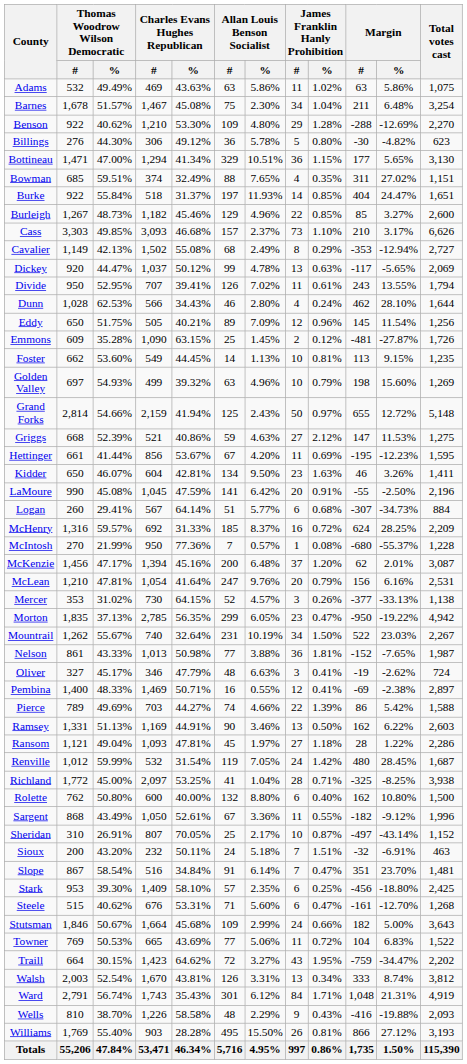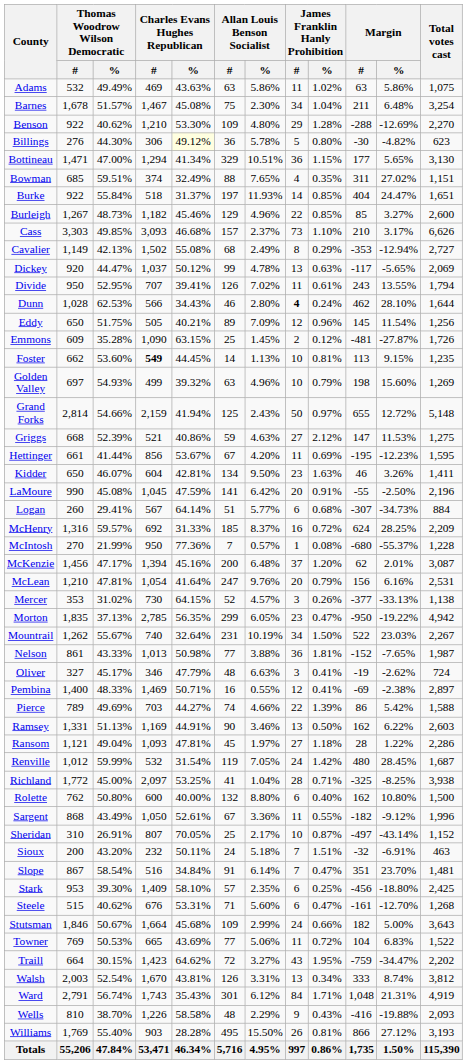 <table width="70%" class="wikitable sortable">
 <tr>
 <th rowspan="2">County</th>
 <th colspan="2">Thomas Woodrow Wilson<br>Democratic</th>
 <th colspan="2">Charles Evans Hughes<br>Republican</th>
 <th colspan="2">Allan Louis Benson<br>Socialist</th>
 <th colspan="2">James Franklin Hanly<br>Prohibition</th>
 <th colspan="2">Margin</th>
 <th rowspan="2">Total votes cast</th>
 </tr>
 <tr bgcolor="lightgrey">
 <th data-sort-type="number">#</th>
 <th data-sort-type="number">%</th>
 <th data-sort-type="number">#</th>
 <th data-sort-type="number">%</th>
 <th data-sort-type="number">#</th>
 <th data-sort-type="number">%</th>
 <th data-sort-type="number">#</th>
 <th data-sort-type="number">%</th>
 <th data-sort-type="number">#</th>
 <th data-sort-type="number">%</th>
 </tr>
 <tr style="text-align:center;">
 <td><a href='#'>Adams</a></td>
 <td>532</td>
 <td>49.49%</td>
 <td>469</td>
 <td>43.63%</td>
 <td>63</td>
 <td>5.86%</td>
 <td>11</td>
 <td>1.02%</td>
 <td>63</td>
 <td>5.86%</td>
 <td>1,075</td>
 </tr>
 <tr style="text-align:center;">
 <td><a href='#'>Barnes</a></td>
 <td>1,678</td>
 <td>51.57%</td>
 <td>1,467</td>
 <td>45.08%</td>
 <td>75</td>
 <td>2.30%</td>
 <td>34</td>
 <td>1.04%</td>
 <td>211</td>
 <td>6.48%</td>
 <td>3,254</td>
 </tr>
 <tr style="text-align:center;">
 <td><a href='#'>Benson</a></td>
 <td>922</td>
 <td>40.62%</td>
 <td>1,210</td>
 <td>53.30%</td>
 <td>109</td>
 <td>4.80%</td>
 <td>29</td>
 <td>1.28%</td>
 <td>-288</td>
 <td>-12.69%</td>
 <td>2,270</td>
 </tr>
 <tr style="text-align:center;">
 <td><a href='#'>Billings</a></td>
 <td>276</td>
 <td>44.30%</td>
 <td>306</td>
-<td>49.12%</td>
+<td style="background: lightyellow;">49.12%</td>
 <td>36</td>
 <td>5.78%</td>
 <td>5</td>
 <td>0.80%</td>
 <td>-30</td>
 <td>-4.82%</td>
 <td>623</td>
 </tr>
 <tr style="text-align:center;">
 <td><a href='#'>Bottineau</a></td>
 <td>1,471</td>
 <td>47.00%</td>
 <td>1,294</td>
 <td>41.34%</td>
 <td>329</td>
 <td>10.51%</td>
 <td>36</td>
 <td>1.15%</td>
 <td>177</td>
 <td>5.65%</td>
 <td>3,130</td>
 </tr>
 <tr style="text-align:center;">
 <td><a href='#'>Bowman</a></td>
 <td>685</td>
 <td>59.51%</td>
 <td>374</td>
 <td>32.49%</td>
 <td>88</td>
 <td>7.65%</td>
 <td>4</td>
 <td>0.35%</td>
 <td>311</td>
 <td>27.02%</td>
 <td>1,151</td>
 </tr>
 <tr style="text-align:center;">
 <td><a href='#'>Burke</a></td>
 <td>922</td>
 <td>55.84%</td>
 <td>518</td>
 <td>31.37%</td>
 <td>197</td>
 <td>11.93%</td>
 <td>14</td>
 <td>0.85%</td>
 <td>404</td>
 <td>24.47%</td>
 <td>1,651</td>
 </tr>
 <tr style="text-align:center;">
 <td><a href='#'>Burleigh</a></td>
 <td>1,267</td>
 <td>48.73%</td>
 <td>1,182</td>
 <td>45.46%</td>
 <td>129</td>
 <td>4.96%</td>
 <td>22</td>
 <td>0.85%</td>
 <td>85</td>
 <td>3.27%</td>
 <td>2,600</td>
 </tr>
 <tr style="text-align:center;">
 <td><a href='#'>Cass</a></td>
 <td>3,303</td>
 <td>49.85%</td>
 <td>3,093</td>
 <td>46.68%</td>
 <td>157</td>
 <td>2.37%</td>
 <td>73</td>
 <td>1.10%</td>
 <td>210</td>
 <td>3.17%</td>
 <td>6,626</td>
 </tr>
 <tr style="text-align:center;">
 <td><a href='#'>Cavalier</a></td>
 <td>1,149</td>
 <td>42.13%</td>
 <td>1,502</td>
 <td>55.08%</td>
 <td>68</td>
 <td>2.49%</td>
 <td>8</td>
 <td>0.29%</td>
 <td>-353</td>
 <td>-12.94%</td>
 <td>2,727</td>
 </tr>
 <tr style="text-align:center;">
 <td><a href='#'>Dickey</a></td>
 <td>920</td>
 <td>44.47%</td>
 <td>1,037</td>
 <td>50.12%</td>
 <td>99</td>
 <td>4.78%</td>
 <td>13</td>
 <td>0.63%</td>
 <td>-117</td>
 <td>-5.65%</td>
 <td>2,069</td>
 </tr>
 <tr style="text-align:center;">
 <td><a href='#'>Divide</a></td>
 <td>950</td>
 <td>52.95%</td>
 <td>707</td>
 <td>39.41%</td>
 <td>126</td>
 <td>7.02%</td>
 <td>11</td>
 <td>0.61%</td>
 <td>243</td>
 <td>13.55%</td>
 <td>1,794</td>
 </tr>
 <tr style="text-align:center;">
 <td><a href='#'>Dunn</a></td>
 <td>1,028</td>
 <td>62.53%</td>
 <td>566</td>
 <td>34.43%</td>
 <td>46</td>
 <td>2.80%</td>
-<td>4</td>
+<td><strong>4</strong></td>
 <td>0.24%</td>
 <td>462</td>
 <td>28.10%</td>
 <td>1,644</td>
 </tr>
 <tr style="text-align:center;">
 <td><a href='#'>Eddy</a></td>
 <td>650</td>
 <td>51.75%</td>
 <td>505</td>
 <td>40.21%</td>
 <td>89</td>
 <td>7.09%</td>
 <td>12</td>
 <td>0.96%</td>
 <td>145</td>
 <td>11.54%</td>
 <td>1,256</td>
 </tr>
 <tr style="text-align:center;">
 <td><a href='#'>Emmons</a></td>
 <td>609</td>
 <td>35.28%</td>
 <td>1,090</td>
 <td>63.15%</td>
 <td>25</td>
 <td>1.45%</td>
 <td>2</td>
 <td>0.12%</td>
 <td>-481</td>
 <td>-27.87%</td>
 <td>1,726</td>
 </tr>
 <tr style="text-align:center;">
 <td><a href='#'>Foster</a></td>
 <td>662</td>
 <td>53.60%</td>
-<td>549</td>
+<td><strong>549</strong></td>
 <td>44.45%</td>
 <td>14</td>
 <td>1.13%</td>
 <td>10</td>
 <td>0.81%</td>
 <td>113</td>
 <td>9.15%</td>
 <td>1,235</td>
 </tr>
 <tr style="text-align:center;">
 <td><a href='#'>Golden Valley</a></td>
 <td>697</td>
 <td>54.93%</td>
 <td>499</td>
 <td>39.32%</td>
 <td>63</td>
 <td>4.96%</td>
 <td>10</td>
 <td>0.79%</td>
 <td>198</td>
 <td>15.60%</td>
 <td>1,269</td>
 </tr>
 <tr style="text-align:center;">
 <td><a href='#'>Grand Forks</a></td>
 <td>2,814</td>
 <td>54.66%</td>
 <td>2,159</td>
 <td>41.94%</td>
 <td>125</td>
 <td>2.43%</td>
 <td>50</td>
 <td>0.97%</td>
 <td>655</td>
 <td>12.72%</td>
 <td>5,148</td>
 </tr>
 <tr style="text-align:center;">
 <td><a href='#'>Griggs</a></td>
 <td>668</td>
 <td>52.39%</td>
 <td>521</td>
 <td>40.86%</td>
 <td>59</td>
 <td>4.63%</td>
 <td>27</td>
 <td>2.12%</td>
 <td>147</td>
 <td>11.53%</td>
 <td>1,275</td>
 </tr>
 <tr style="text-align:center;">
 <td><a href='#'>Hettinger</a></td>
 <td>661</td>
 <td>41.44%</td>
 <td>856</td>
 <td>53.67%</td>
 <td>67</td>
 <td>4.20%</td>
 <td>11</td>
 <td>0.69%</td>
 <td>-195</td>
 <td>-12.23%</td>
 <td>1,595</td>
 </tr>
 <tr style="text-align:center;">
 <td><a href='#'>Kidder</a></td>
 <td>650</td>
 <td>46.07%</td>
 <td>604</td>
 <td>42.81%</td>
 <td>134</td>
 <td>9.50%</td>
 <td>23</td>
 <td>1.63%</td>
 <td>46</td>
 <td>3.26%</td>
 <td>1,411</td>
 </tr>
 <tr style="text-align:center;">
 <td><a href='#'>LaMoure</a></td>
 <td>990</td>
 <td>45.08%</td>
 <td>1,045</td>
 <td>47.59%</td>
 <td>141</td>
 <td>6.42%</td>
 <td>20</td>
 <td>0.91%</td>
 <td>-55</td>
 <td>-2.50%</td>
 <td>2,196</td>
 </tr>
 <tr style="text-align:center;">
 <td><a href='#'>Logan</a></td>
 <td>260</td>
 <td>29.41%</td>
 <td>567</td>
 <td>64.14%</td>
 <td>51</td>
 <td>5.77%</td>
 <td>6</td>
 <td>0.68%</td>
 <td>-307</td>
 <td>-34.73%</td>
 <td>884</td>
 </tr>
 <tr style="text-align:center;">
 <td><a href='#'>McHenry</a></td>
 <td>1,316</td>
 <td>59.57%</td>
 <td>692</td>
 <td>31.33%</td>
 <td>185</td>
 <td>8.37%</td>
 <td>16</td>
 <td>0.72%</td>
 <td>624</td>
 <td>28.25%</td>
 <td>2,209</td>
 </tr>
 <tr style="text-align:center;">
 <td><a href='#'>McIntosh</a></td>
 <td>270</td>
 <td>21.99%</td>
 <td>950</td>
 <td>77.36%</td>
 <td>7</td>
 <td>0.57%</td>
 <td>1</td>
 <td>0.08%</td>
 <td>-680</td>
 <td>-55.37%</td>
 <td>1,228</td>
 </tr>
 <tr style="text-align:center;">
 <td><a href='#'>McKenzie</a></td>
 <td>1,456</td>
 <td>47.17%</td>
 <td>1,394</td>
 <td>45.16%</td>
 <td>200</td>
 <td>6.48%</td>
 <td>37</td>
 <td>1.20%</td>
 <td>62</td>
 <td>2.01%</td>
 <td>3,087</td>
 </tr>
 <tr style="text-align:center;">
 <td><a href='#'>McLean</a></td>
 <td>1,210</td>
 <td>47.81%</td>
 <td>1,054</td>
 <td>41.64%</td>
 <td>247</td>
 <td>9.76%</td>
 <td>20</td>
 <td>0.79%</td>
 <td>156</td>
 <td>6.16%</td>
 <td>2,531</td>
 </tr>
 <tr style="text-align:center;">
 <td><a href='#'>Mercer</a></td>
 <td>353</td>
 <td>31.02%</td>
 <td>730</td>
 <td>64.15%</td>
 <td>52</td>
 <td>4.57%</td>
 <td>3</td>
 <td>0.26%</td>
 <td>-377</td>
 <td>-33.13%</td>
 <td>1,138</td>
 </tr>
 <tr style="text-align:center;">
 <td><a href='#'>Morton</a></td>
 <td>1,835</td>
 <td>37.13%</td>
 <td>2,785</td>
 <td>56.35%</td>
 <td>299</td>
 <td>6.05%</td>
 <td>23</td>
 <td>0.47%</td>
 <td>-950</td>
 <td>-19.22%</td>
 <td>4,942</td>
 </tr>
 <tr style="text-align:center;">
 <td><a href='#'>Mountrail</a></td>
 <td>1,262</td>
 <td>55.67%</td>
 <td>740</td>
 <td>32.64%</td>
 <td>231</td>
 <td>10.19%</td>
 <td>34</td>
 <td>1.50%</td>
 <td>522</td>
 <td>23.03%</td>
 <td>2,267</td>
 </tr>
 <tr style="text-align:center;">
 <td><a href='#'>Nelson</a></td>
 <td>861</td>
 <td>43.33%</td>
 <td>1,013</td>
 <td>50.98%</td>
 <td>77</td>
 <td>3.88%</td>
 <td>36</td>
 <td>1.81%</td>
 <td>-152</td>
 <td>-7.65%</td>
 <td>1,987</td>
 </tr>
 <tr style="text-align:center;">
 <td><a href='#'>Oliver</a></td>
 <td>327</td>
 <td>45.17%</td>
 <td>346</td>
 <td>47.79%</td>
 <td>48</td>
 <td>6.63%</td>
 <td>3</td>
 <td>0.41%</td>
 <td>-19</td>
 <td>-2.62%</td>
 <td>724</td>
 </tr>
 <tr style="text-align:center;">
 <td><a href='#'>Pembina</a></td>
 <td>1,400</td>
 <td>48.33%</td>
 <td>1,469</td>
 <td>50.71%</td>
 <td>16</td>
 <td>0.55%</td>
 <td>12</td>
 <td>0.41%</td>
 <td>-69</td>
 <td>-2.38%</td>
 <td>2,897</td>
 </tr>
 <tr style="text-align:center;">
 <td><a href='#'>Pierce</a></td>
 <td>789</td>
 <td>49.69%</td>
 <td>703</td>
 <td>44.27%</td>
 <td>74</td>
 <td>4.66%</td>
 <td>22</td>
 <td>1.39%</td>
 <td>86</td>
 <td>5.42%</td>
 <td>1,588</td>
 </tr>
 <tr style="text-align:center;">
 <td><a href='#'>Ramsey</a></td>
 <td>1,331</td>
 <td>51.13%</td>
 <td>1,169</td>
 <td>44.91%</td>
 <td>90</td>
 <td>3.46%</td>
 <td>13</td>
 <td>0.50%</td>
 <td>162</td>
 <td>6.22%</td>
 <td>2,603</td>
 </tr>
 <tr style="text-align:center;">
 <td><a href='#'>Ransom</a></td>
 <td>1,121</td>
 <td>49.04%</td>
 <td>1,093</td>
 <td>47.81%</td>
 <td>45</td>
 <td>1.97%</td>
 <td>27</td>
 <td>1.18%</td>
 <td>28</td>
 <td>1.22%</td>
 <td>2,286</td>
 </tr>
 <tr style="text-align:center;">
 <td><a href='#'>Renville</a></td>
 <td>1,012</td>
 <td>59.99%</td>
 <td>532</td>
 <td>31.54%</td>
 <td>119</td>
 <td>7.05%</td>
 <td>24</td>
 <td>1.42%</td>
 <td>480</td>
 <td>28.45%</td>
 <td>1,687</td>
 </tr>
 <tr style="text-align:center;">
 <td><a href='#'>Richland</a></td>
 <td>1,772</td>
 <td>45.00%</td>
 <td>2,097</td>
 <td>53.25%</td>
 <td>41</td>
 <td>1.04%</td>
 <td>28</td>
 <td>0.71%</td>
 <td>-325</td>
 <td>-8.25%</td>
 <td>3,938</td>
 </tr>
 <tr style="text-align:center;">
 <td><a href='#'>Rolette</a></td>
 <td>762</td>
 <td>50.80%</td>
 <td>600</td>
 <td>40.00%</td>
 <td>132</td>
 <td>8.80%</td>
 <td>6</td>
 <td>0.40%</td>
 <td>162</td>
 <td>10.80%</td>
 <td>1,500</td>
 </tr>
 <tr style="text-align:center;">
 <td><a href='#'>Sargent</a></td>
 <td>868</td>
 <td>43.49%</td>
 <td>1,050</td>
 <td>52.61%</td>
 <td>67</td>
 <td>3.36%</td>
 <td>11</td>
 <td>0.55%</td>
 <td>-182</td>
 <td>-9.12%</td>
 <td>1,996</td>
 </tr>
 <tr style="text-align:center;">
 <td><a href='#'>Sheridan</a></td>
 <td>310</td>
 <td>26.91%</td>
 <td>807</td>
 <td>70.05%</td>
 <td>25</td>
 <td>2.17%</td>
 <td>10</td>
 <td>0.87%</td>
 <td>-497</td>
 <td>-43.14%</td>
 <td>1,152</td>
 </tr>
 <tr style="text-align:center;">
 <td><a href='#'>Sioux</a></td>
 <td>200</td>
 <td>43.20%</td>
 <td>232</td>
 <td>50.11%</td>
 <td>24</td>
 <td>5.18%</td>
 <td>7</td>
 <td>1.51%</td>
 <td>-32</td>
 <td>-6.91%</td>
 <td>463</td>
 </tr>
 <tr style="text-align:center;">
 <td><a href='#'>Slope</a></td>
 <td>867</td>
 <td>58.54%</td>
 <td>516</td>
 <td>34.84%</td>
 <td>91</td>
 <td>6.14%</td>
 <td>7</td>
 <td>0.47%</td>
 <td>351</td>
 <td>23.70%</td>
 <td>1,481</td>
 </tr>
 <tr style="text-align:center;">
 <td><a href='#'>Stark</a></td>
 <td>953</td>
 <td>39.30%</td>
 <td>1,409</td>
 <td>58.10%</td>
 <td>57</td>
 <td>2.35%</td>
 <td>6</td>
 <td>0.25%</td>
 <td>-456</td>
 <td>-18.80%</td>
 <td>2,425</td>
 </tr>
 <tr style="text-align:center;">
 <td><a href='#'>Steele</a></td>
 <td>515</td>
 <td>40.62%</td>
 <td>676</td>
 <td>53.31%</td>
 <td>71</td>
 <td>5.60%</td>
 <td>6</td>
 <td>0.47%</td>
 <td>-161</td>
 <td>-12.70%</td>
 <td>1,268</td>
 </tr>
 <tr style="text-align:center;">
 <td><a href='#'>Stutsman</a></td>
 <td>1,846</td>
 <td>50.67%</td>
 <td>1,664</td>
 <td>45.68%</td>
 <td>109</td>
 <td>2.99%</td>
 <td>24</td>
 <td>0.66%</td>
 <td>182</td>
 <td>5.00%</td>
 <td>3,643</td>
 </tr>
 <tr style="text-align:center;">
 <td><a href='#'>Towner</a></td>
 <td>769</td>
 <td>50.53%</td>
 <td>665</td>
 <td>43.69%</td>
 <td>77</td>
 <td>5.06%</td>
 <td>11</td>
 <td>0.72%</td>
 <td>104</td>
 <td>6.83%</td>
 <td>1,522</td>
 </tr>
 <tr style="text-align:center;">
 <td><a href='#'>Traill</a></td>
 <td>664</td>
 <td>30.15%</td>
 <td>1,423</td>
 <td>64.62%</td>
 <td>72</td>
 <td>3.27%</td>
 <td>43</td>
 <td>1.95%</td>
 <td>-759</td>
 <td>-34.47%</td>
 <td>2,202</td>
 </tr>
 <tr style="text-align:center;">
 <td><a href='#'>Walsh</a></td>
 <td>2,003</td>
 <td>52.54%</td>
 <td>1,670</td>
 <td>43.81%</td>
 <td>126</td>
 <td>3.31%</td>
 <td>13</td>
 <td>0.34%</td>
 <td>333</td>
 <td>8.74%</td>
 <td>3,812</td>
 </tr>
 <tr style="text-align:center;">
 <td><a href='#'>Ward</a></td>
 <td>2,791</td>
 <td>56.74%</td>
 <td>1,743</td>
 <td>35.43%</td>
 <td>301</td>
 <td>6.12%</td>
 <td>84</td>
 <td>1.71%</td>
 <td>1,048</td>
 <td>21.31%</td>
 <td>4,919</td>
 </tr>
 <tr style="text-align:center;">
 <td><a href='#'>Wells</a></td>
 <td>810</td>
 <td>38.70%</td>
 <td>1,226</td>
 <td>58.58%</td>
 <td>48</td>
 <td>2.29%</td>
 <td>9</td>
 <td>0.43%</td>
 <td>-416</td>
 <td>-19.88%</td>
 <td>2,093</td>
 </tr>
 <tr style="text-align:center;">
 <td><a href='#'>Williams</a></td>
 <td>1,769</td>
 <td>55.40%</td>
 <td>903</td>
 <td>28.28%</td>
 <td>495</td>
 <td>15.50%</td>
 <td>26</td>
 <td>0.81%</td>
 <td>866</td>
 <td>27.12%</td>
 <td>3,193</td>
 </tr>
 <tr style="text-align:center;">
 <th>Totals</th>
 <th>55,206</th>
 <th>47.84%</th>
 <th>53,471</th>
 <th>46.34%</th>
 <th>5,716</th>
 <th>4.95%</th>
 <th>997</th>
 <th>0.86%</th>
 <th>1,735</th>
 <th>1.50%</th>
 <th>115,390</th>
 </tr>
 </table>
